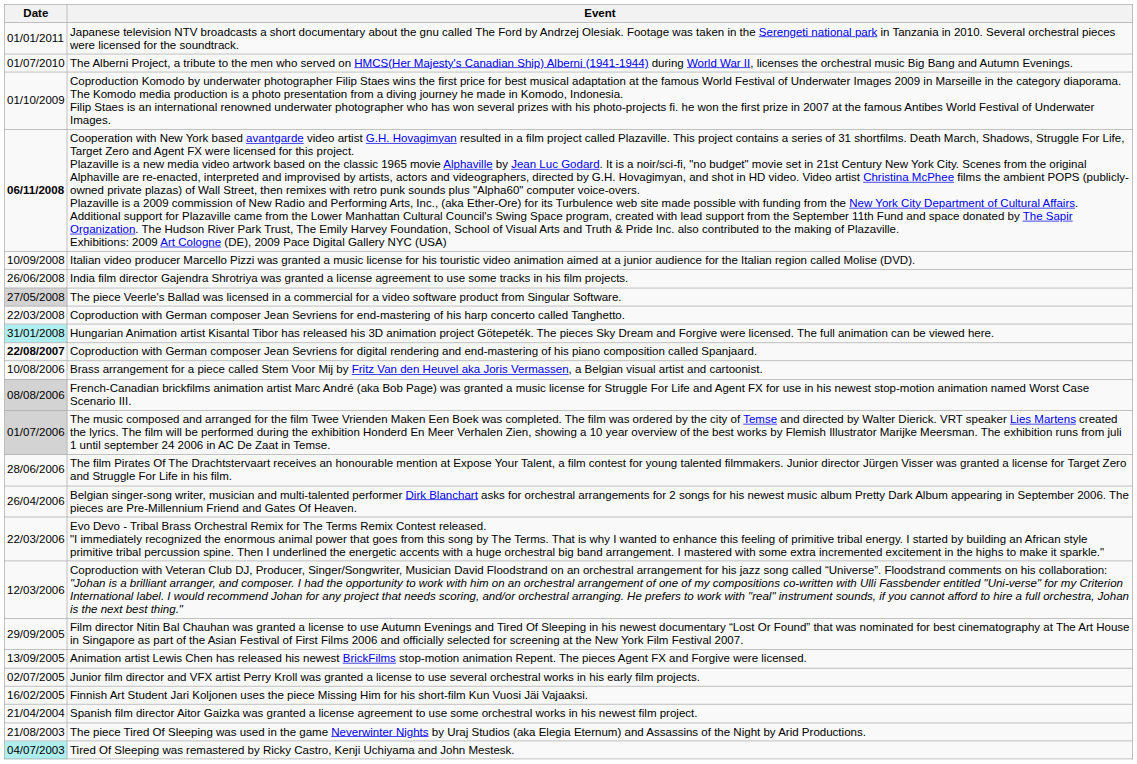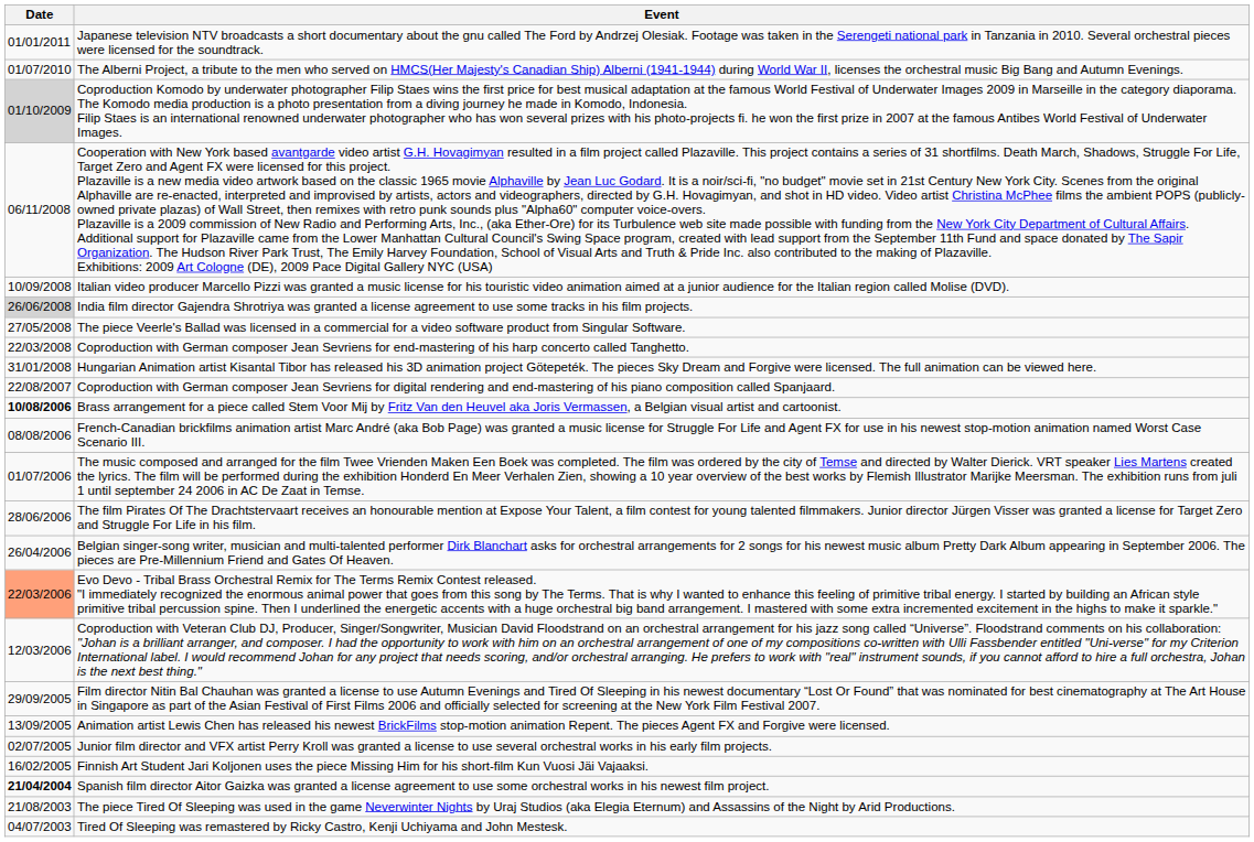 <table class="wikitable mw-collapsible">
 <tr>
 <th>Date</th>
 <th>Event</th>
 </tr>
 <tr>
 <td>01/01/2011</td>
 <td>Japanese television NTV broadcasts a short documentary about the gnu called The Ford by Andrzej Olesiak. Footage was taken in the <a href='#'>Serengeti national park</a> in Tanzania in 2010. Several orchestral pieces were licensed for the soundtrack.</td>
 </tr>
 <tr>
 <td>01/07/2010</td>
 <td>The Alberni Project, a tribute to the men who served on <a href='#'>HMCS(Her Majesty's Canadian Ship) Alberni (1941-1944)</a> during <a href='#'>World War II</a>, licenses the orchestral music Big Bang and Autumn Evenings.</td>
 </tr>
 <tr>
-<td>01/10/2009</td>
+<td style="background: lightgrey;">01/10/2009</td>
 <td>Coproduction Komodo by underwater photographer Filip Staes wins the first price for best musical adaptation at the famous World Festival of Underwater Images 2009 in Marseille in the category diaporama. The Komodo media production is a photo presentation from a diving journey he made in Komodo, Indonesia.<br>Filip Staes is an international renowned underwater photographer who has won several prizes with his photo-projects fi. he won the first prize in 2007 at the famous Antibes World Festival of Underwater Images.</td>
 </tr>
 <tr>
-<td><strong>06/11/2008</strong></td>
+<td>06/11/2008</td>
 <td>Cooperation with New York based <a href='#'>avantgarde</a> video artist <a href='#'>G.H. Hovagimyan</a> resulted in a film project called Plazaville. This project contains a series of 31 shortfilms. Death March, Shadows, Struggle For Life, Target Zero and Agent FX were licensed for this project.<br>Plazaville is a new media video artwork based on the classic 1965 movie <a href='#'>Alphaville</a> by <a href='#'>Jean Luc Godard</a>. It is a noir/sci-fi, "no budget" movie set in 21st Century New York City. Scenes from the original Alphaville are re-enacted, interpreted and improvised by artists, actors and videographers, directed by G.H. Hovagimyan, and shot in HD video. Video artist <a href='#'>Christina McPhee</a> films the ambient POPS (publicly-owned private plazas) of Wall Street, then remixes with retro punk sounds plus "Alpha60" computer voice-overs.<br>Plazaville is a 2009 commission of New Radio and Performing Arts, Inc., (aka Ether-Ore) for its Turbulence web site made possible with funding from the <a href='#'>New York City Department of Cultural Affairs</a>. Additional support for Plazaville came from the Lower Manhattan Cultural Council's Swing Space program, created with lead support from the September 11th Fund and space donated by <a href='#'>The Sapir Organization</a>. The Hudson River Park Trust, The Emily Harvey Foundation, School of Visual Arts and Truth & Pride Inc. also contributed to the making of Plazaville.<br>Exhibitions: 2009 <a href='#'>Art Cologne</a> (DE), 2009 Pace Digital Gallery NYC (USA)</td>
 </tr>
 <tr>
 <td>10/09/2008</td>
 <td>Italian video producer Marcello Pizzi was granted a music license for his touristic video animation aimed at a junior audience for the Italian region called Molise (DVD).</td>
 </tr>
 <tr>
-<td>26/06/2008</td>
+<td style="background: lightgrey;">26/06/2008</td>
 <td>India film director Gajendra Shrotriya was granted a license agreement to use some tracks in his film projects.</td>
 </tr>
 <tr>
-<td style="background: lightgrey;">27/05/2008</td>
+<td>27/05/2008</td>
 <td>The piece Veerle's Ballad was licensed in a commercial for a video software product from Singular Software.</td>
 </tr>
 <tr>
 <td>22/03/2008</td>
 <td>Coproduction with German composer Jean Sevriens for end-mastering of his harp concerto called Tanghetto.</td>
 </tr>
 <tr>
-<td style="background: paleturquoise;">31/01/2008</td>
+<td>31/01/2008</td>
 <td>Hungarian Animation artist Kisantal Tibor has released his 3D animation project Götepeték. The pieces Sky Dream and Forgive were licensed. The full animation can be viewed here.</td>
 </tr>
 <tr>
-<td><strong>22/08/2007</strong></td>
+<td>22/08/2007</td>
 <td>Coproduction with German composer Jean Sevriens for digital rendering and end-mastering of his piano composition called Spanjaard.</td>
 </tr>
 <tr>
-<td>10/08/2006</td>
+<td><strong>10/08/2006</strong></td>
 <td>Brass arrangement for a piece called Stem Voor Mij by <a href='#'>Fritz Van den Heuvel aka Joris Vermassen</a>, a Belgian visual artist and cartoonist.</td>
 </tr>
 <tr>
-<td style="background: lightgrey;">08/08/2006</td>
+<td>08/08/2006</td>
 <td>French-Canadian brickfilms animation artist Marc André (aka Bob Page) was granted a music license for Struggle For Life and Agent FX for use in his newest stop-motion animation named Worst Case Scenario III.</td>
 </tr>
 <tr>
-<td style="background: lightgrey;">01/07/2006</td>
+<td>01/07/2006</td>
 <td>The music composed and arranged for the film Twee Vrienden Maken Een Boek was completed. The film was ordered by the city of <a href='#'>Temse</a> and directed by Walter Dierick. VRT speaker <a href='#'>Lies Martens</a> created the lyrics. The film will be performed during the exhibition Honderd En Meer Verhalen Zien, showing a 10 year overview of the best works by Flemish Illustrator Marijke Meersman. The exhibition runs from juli 1 until september 24 2006 in AC De Zaat in Temse.</td>
 </tr>
 <tr>
 <td>28/06/2006</td>
 <td>The film Pirates Of The Drachtstervaart receives an honourable mention at Expose Your Talent, a film contest for young talented filmmakers. Junior director Jürgen Visser was granted a license for Target Zero and Struggle For Life in his film.</td>
 </tr>
 <tr>
 <td>26/04/2006</td>
 <td>Belgian singer-song writer, musician and multi-talented performer <a href='#'>Dirk Blanchart</a> asks for orchestral arrangements for 2 songs for his newest music album Pretty Dark Album appearing in September 2006. The pieces are Pre-Millennium Friend and Gates Of Heaven.</td>
 </tr>
 <tr>
-<td>22/03/2006</td>
+<td style="background: lightsalmon;">22/03/2006</td>
 <td>Evo Devo - Tribal Brass Orchestral Remix for The Terms Remix Contest released.<br>"I immediately recognized the enormous animal power that goes from this song by The Terms. That is why I wanted to enhance this feeling of primitive tribal energy. I started by building an African style primitive tribal percussion spine. Then I underlined the energetic accents with a huge orchestral big band arrangement. I mastered with some extra incremented excitement in the highs to make it sparkle."</td>
 </tr>
 <tr>
 <td>12/03/2006</td>
 <td>Coproduction with Veteran Club DJ, Producer, Singer/Songwriter, Musician David Floodstrand on an orchestral arrangement for his jazz song called “Universe”. Floodstrand comments on his collaboration: <em>"Johan is a brilliant arranger, and composer. I had the opportunity to work with him on an orchestral arrangement of one of my compositions co-written with Ulli Fassbender entitled "Uni-verse" for my Criterion International label. I would recommend Johan for any project that needs scoring, and/or orchestral arranging. He prefers to work with "real" instrument sounds, if you cannot afford to hire a full orchestra, Johan is the next best thing."</em></td>
 </tr>
 <tr>
 <td>29/09/2005</td>
 <td>Film director Nitin Bal Chauhan was granted a license to use Autumn Evenings and Tired Of Sleeping in his newest documentary “Lost Or Found” that was nominated for best cinematography at The Art House in Singapore as part of the Asian Festival of First Films 2006 and officially selected for screening at the New York Film Festival 2007.</td>
 </tr>
 <tr>
 <td>13/09/2005</td>
 <td>Animation artist Lewis Chen has released his newest <a href='#'>BrickFilms</a> stop-motion animation Repent. The pieces Agent FX and Forgive were licensed.</td>
 </tr>
 <tr>
 <td>02/07/2005</td>
 <td>Junior film director and VFX artist Perry Kroll was granted a license to use several orchestral works in his early film projects.</td>
 </tr>
 <tr>
 <td>16/02/2005</td>
 <td>Finnish Art Student Jari Koljonen uses the piece Missing Him for his short-film Kun Vuosi Jäi Vajaaksi.</td>
 </tr>
 <tr>
-<td>21/04/2004</td>
+<td><strong>21/04/2004</strong></td>
 <td>Spanish film director Aitor Gaizka was granted a license agreement to use some orchestral works in his newest film project.</td>
 </tr>
 <tr>
 <td>21/08/2003</td>
 <td>The piece Tired Of Sleeping was used in the game <a href='#'>Neverwinter Nights</a> by Uraj Studios (aka Elegia Eternum) and Assassins of the Night by Arid Productions.</td>
 </tr>
 <tr>
-<td style="background: paleturquoise;">04/07/2003</td>
+<td>04/07/2003</td>
 <td>Tired Of Sleeping was remastered by Ricky Castro, Kenji Uchiyama and John Mestesk.</td>
 </tr>
 </table>
